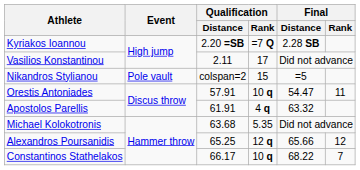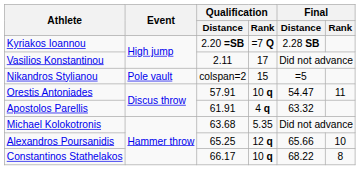 <table class="wikitable" style="font-size:90%">
 <tr>
 <th rowspan=2>Athlete</th>
 <th rowspan=2>Event</th>
 <th colspan=2>Qualification</th>
 <th colspan=2>Final</th>
 </tr>
 <tr style="font-size:95%">
 <th>Distance</th>
 <th>Rank</th>
 <th>Distance</th>
 <th>Rank</th>
 </tr>
 <tr align=center>
 <td align=left><a href='#'>Kyriakos Ioannou</a></td>
 <td style="text-align:left;" rowspan="2"><a href='#'>High jump</a></td>
 <td>2.20 <strong>=SB</strong></td>
 <td>=7 <strong>Q</strong></td>
 <td>2.28 <strong>SB</strong></td>
 <td></td>
 </tr>
 <tr align=center>
 <td align=left><a href='#'>Vasilios Konstantinou</a></td>
 <td>2.11</td>
 <td>17</td>
 <td colspan=2>Did not advance</td>
 </tr>
 <tr align=center>
 <td align=left><a href='#'>Nikandros Stylianou</a></td>
 <td style="text-align:left;"><a href='#'>Pole vault</a></td>
 <td>colspan=2 </td>
 <td>15</td>
 <td>=5</td>
 </tr>
 <tr align=center>
 <td align=left><a href='#'>Orestis Antoniades</a></td>
 <td style="text-align:left;" rowspan="2"><a href='#'>Discus throw</a></td>
 <td>57.91</td>
 <td>10 <strong>q</strong></td>
 <td>54.47</td>
 <td>11</td>
 </tr>
 <tr align=center>
 <td align=left><a href='#'>Apostolos Parellis</a></td>
 <td>61.91</td>
 <td>4 <strong>q</strong></td>
 <td>63.32</td>
 <td></td>
 </tr>
 <tr align=center>
 <td align=left><a href='#'>Michael Kolokotronis</a></td>
 <td style="text-align:left;" rowspan="3"><a href='#'>Hammer throw</a></td>
 <td>63.68</td>
 <td>5.35</td>
 <td colspan=2>Did not advance</td>
 </tr>
 <tr align=center>
 <td align=left><a href='#'>Alexandros Poursanidis</a></td>
 <td>65.25</td>
 <td>12 <strong>q</strong></td>
 <td>65.66</td>
-<td>12</td>
+<td>10</td>
 </tr>
 <tr align=center>
 <td align=left><a href='#'>Constantinos Stathelakos</a></td>
 <td>66.17</td>
 <td>10 <strong>q</strong></td>
 <td>68.22</td>
-<td>7</td>
+<td>8</td>
 </tr>
 </table>
